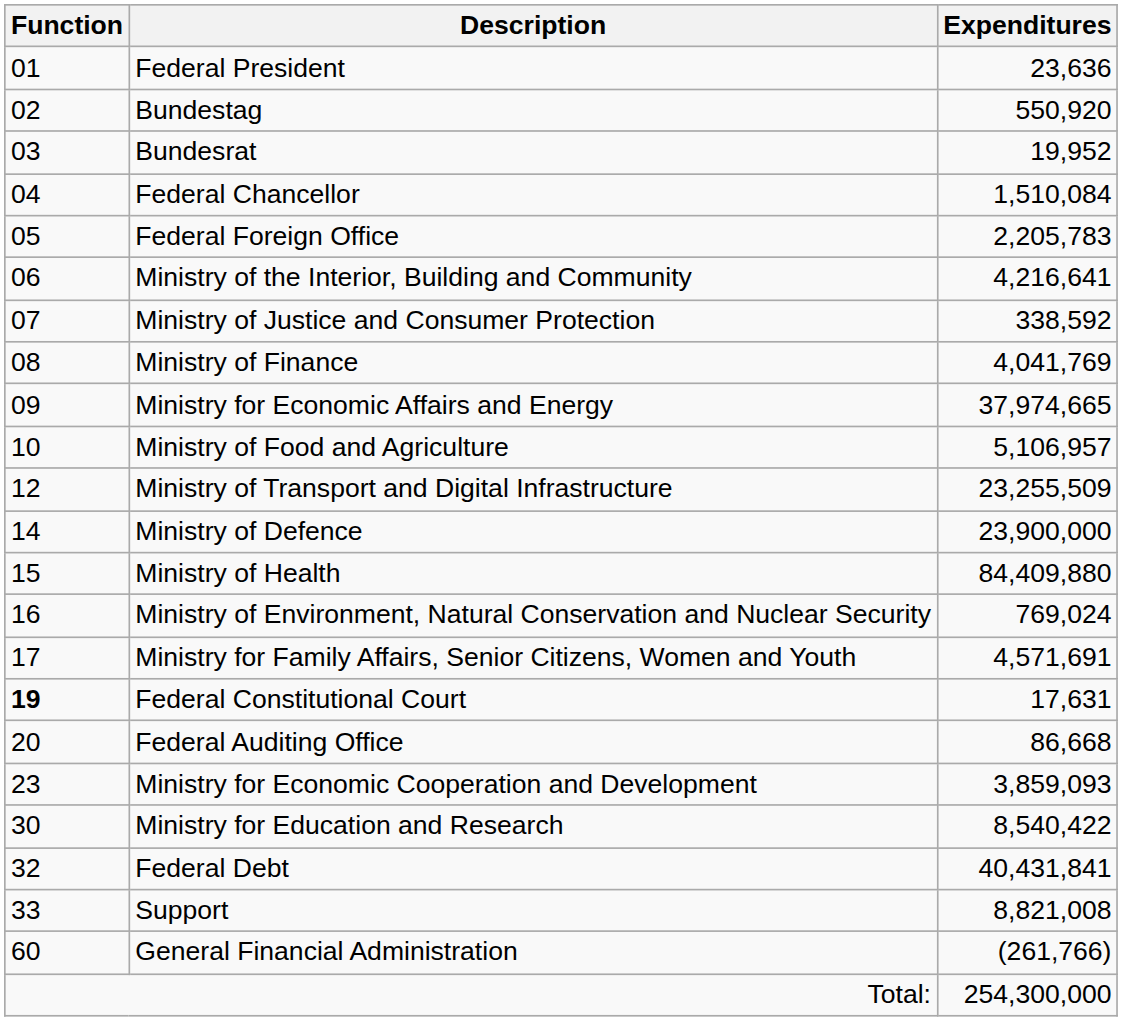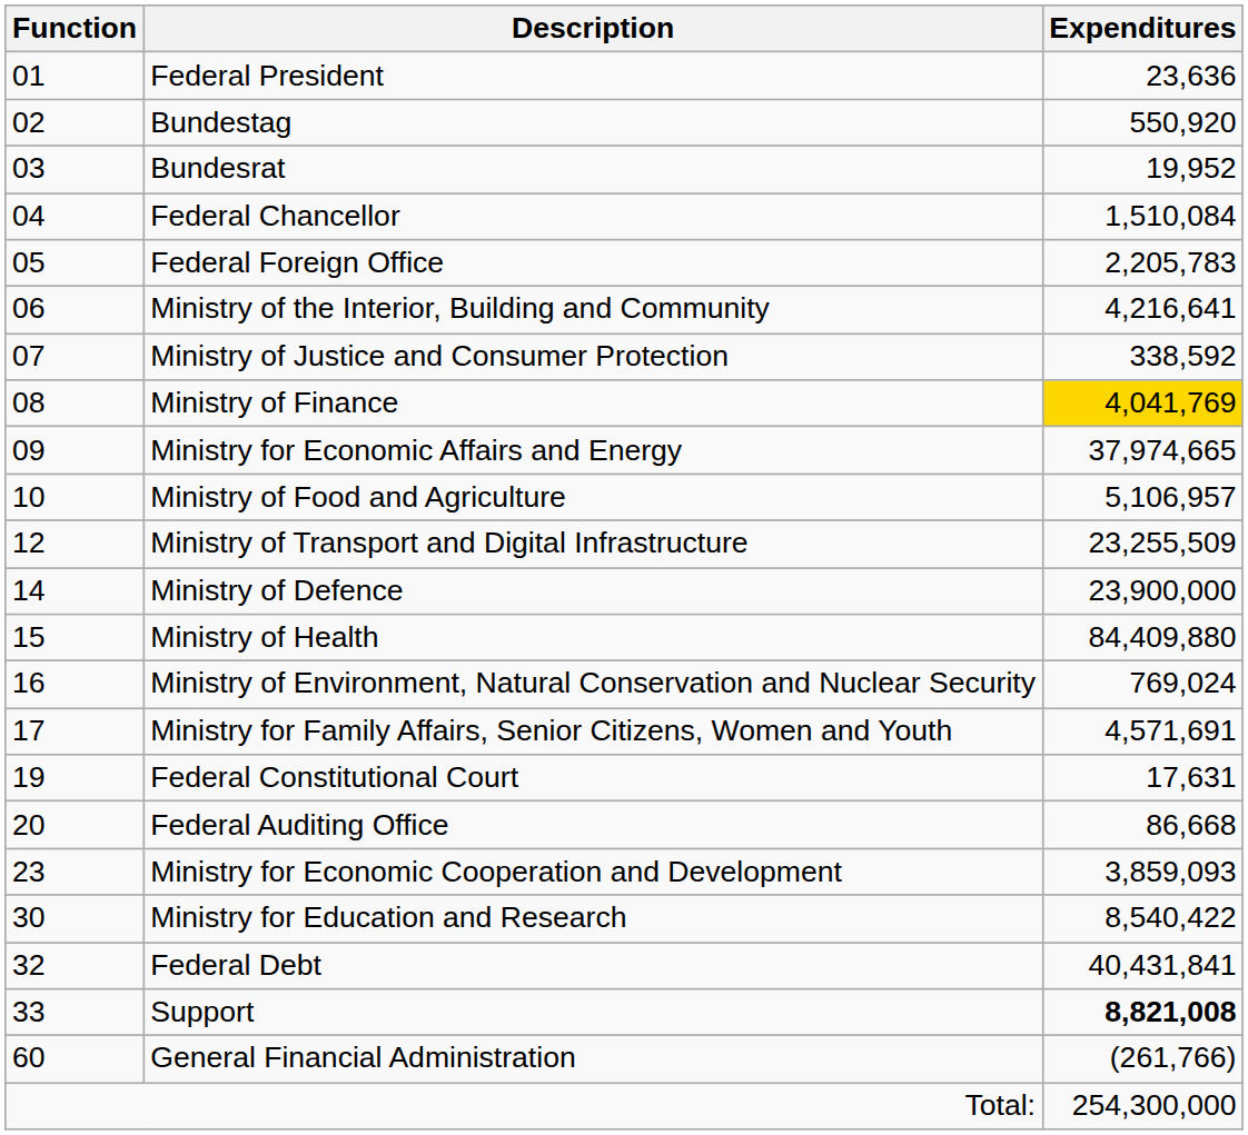 <table class="wikitable sortable">
 <tr>
 <th>Function</th>
 <th>Description</th>
 <th>Expenditures</th>
 </tr>
 <tr>
 <td>01</td>
 <td>Federal President</td>
 <td align="right">23,636</td>
 </tr>
 <tr>
 <td>02</td>
 <td>Bundestag</td>
 <td align="right">550,920</td>
 </tr>
 <tr>
 <td>03</td>
 <td>Bundesrat</td>
 <td align="right">19,952</td>
 </tr>
 <tr>
 <td>04</td>
 <td>Federal Chancellor</td>
 <td align="right">1,510,084</td>
 </tr>
 <tr>
 <td>05</td>
 <td>Federal Foreign Office</td>
 <td align="right">2,205,783</td>
 </tr>
 <tr>
 <td>06</td>
 <td>Ministry of the Interior, Building and Community</td>
 <td align="right">4,216,641</td>
 </tr>
 <tr>
 <td>07</td>
 <td>Ministry of Justice and Consumer Protection</td>
 <td align="right">338,592</td>
 </tr>
 <tr>
 <td>08</td>
 <td>Ministry of Finance</td>
-<td align="right">4,041,769</td>
+<td align="right" style="background: gold;">4,041,769</td>
 </tr>
 <tr>
 <td>09</td>
 <td>Ministry for Economic Affairs and Energy</td>
 <td align="right">37,974,665</td>
 </tr>
 <tr>
 <td>10</td>
 <td>Ministry of Food and Agriculture</td>
 <td align="right">5,106,957</td>
 </tr>
 <tr>
 <td>12</td>
 <td>Ministry of Transport and Digital Infrastructure</td>
 <td align="right">23,255,509</td>
 </tr>
 <tr>
 <td>14</td>
 <td>Ministry of Defence</td>
 <td align="right">23,900,000</td>
 </tr>
 <tr>
 <td>15</td>
 <td>Ministry of Health</td>
 <td align="right">84,409,880</td>
 </tr>
 <tr>
 <td>16</td>
 <td>Ministry of Environment, Natural Conservation and Nuclear Security</td>
 <td align="right">769,024</td>
 </tr>
 <tr>
 <td>17</td>
 <td>Ministry for Family Affairs, Senior Citizens, Women and Youth</td>
 <td align="right">4,571,691</td>
 </tr>
 <tr>
-<td><strong>19</strong></td>
+<td>19</td>
 <td>Federal Constitutional Court</td>
 <td align="right">17,631</td>
 </tr>
 <tr>
 <td>20</td>
 <td>Federal Auditing Office</td>
 <td align="right">86,668</td>
 </tr>
 <tr>
 <td>23</td>
 <td>Ministry for Economic Cooperation and Development</td>
 <td align="right">3,859,093</td>
 </tr>
 <tr>
 <td>30</td>
 <td>Ministry for Education and Research</td>
 <td align="right">8,540,422</td>
 </tr>
 <tr>
 <td>32</td>
 <td>Federal Debt</td>
 <td align="right">40,431,841</td>
 </tr>
 <tr>
 <td>33</td>
 <td>Support</td>
-<td align="right">8,821,008</td>
+<td align="right"><strong>8,821,008</strong></td>
 </tr>
 <tr>
 <td>60</td>
 <td>General Financial Administration</td>
 <td align="right">(261,766)</td>
 </tr>
 <tr>
 <td colspan="2" align="right">Total:</td>
 <td align="right">254,300,000</td>
 </tr>
 </table>
